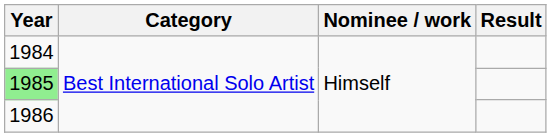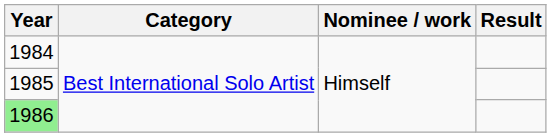 <table class="wikitable">
 <tr>
 <th>Year</th>
 <th>Category</th>
 <th>Nominee / work</th>
 <th>Result</th>
 </tr>
 <tr>
 <td>1984</td>
 <td rowspan="3"><a href='#'>Best International Solo Artist</a></td>
 <td rowspan="3">Himself</td>
 <td></td>
 </tr>
 <tr>
-<td style="background: lightgreen;">1985</td>
+<td>1985</td>
 <td></td>
 </tr>
 <tr>
-<td>1986</td>
+<td style="background: lightgreen;">1986</td>
 <td></td>
 </tr>
 </table>
